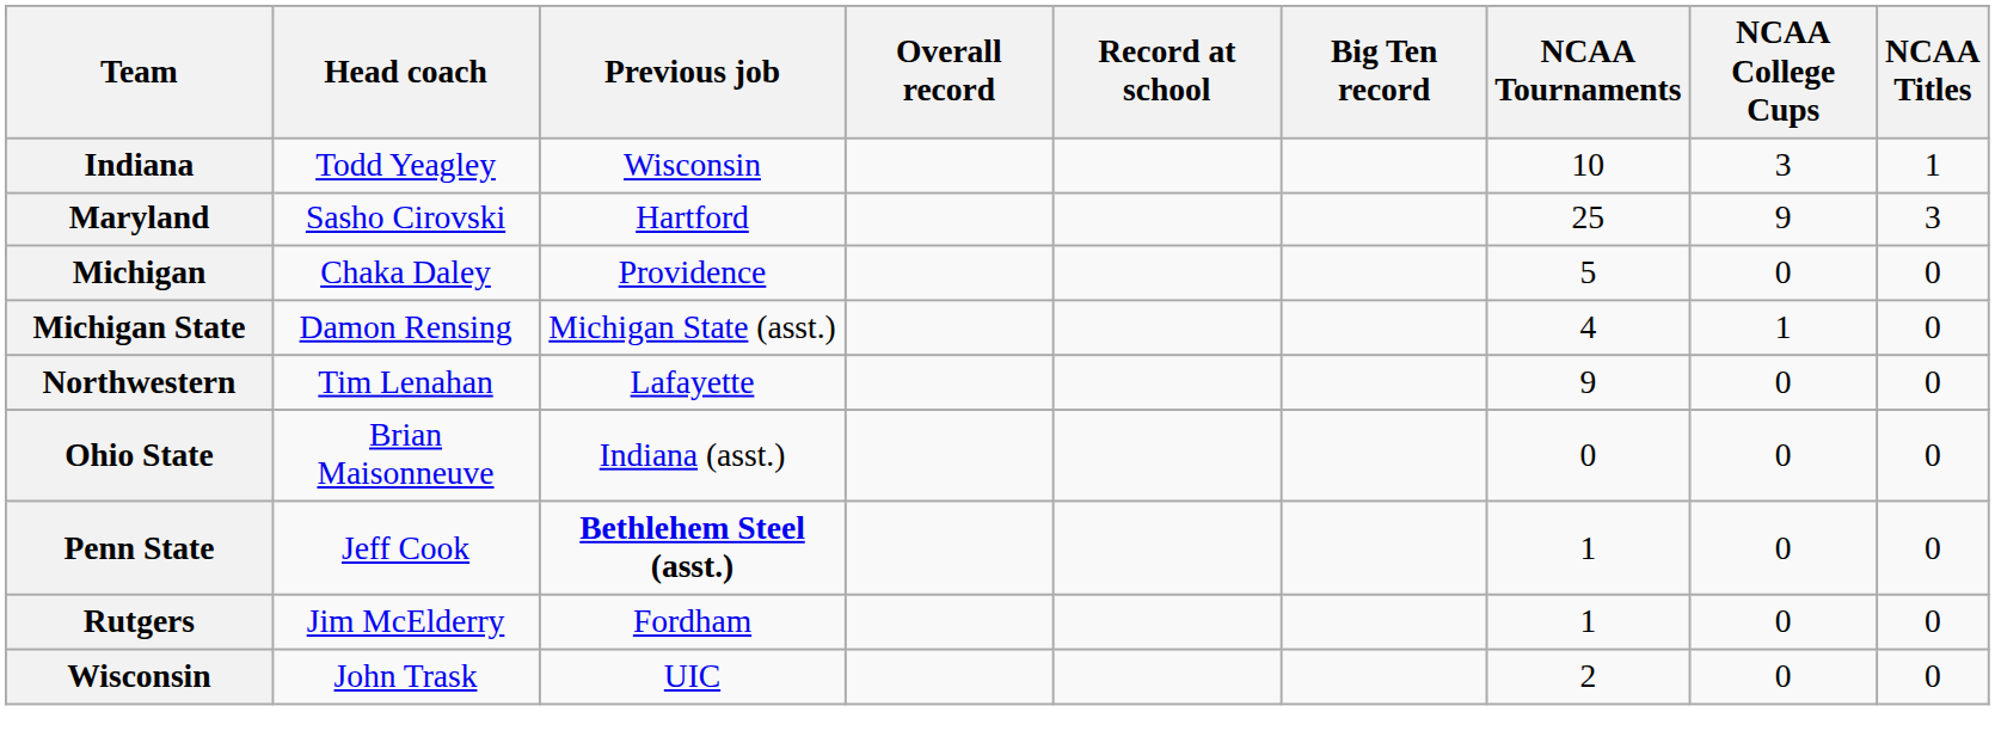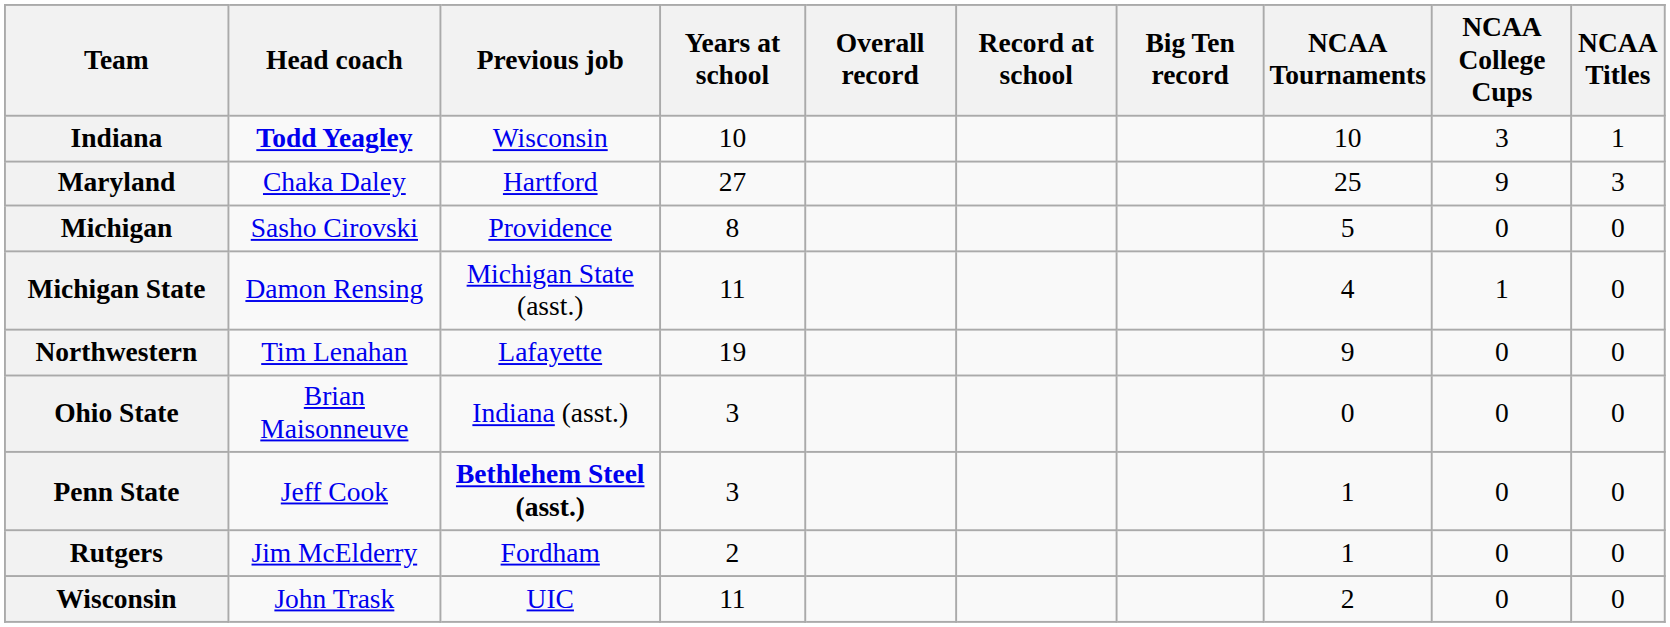 <table class="wikitable sortable" style="text-align: center;font-size:90%;">
 <tr>
 <th width="110">Team</th>
 <th>Head coach</th>
 <th>Previous job</th>
+<th>Years at school</th>
 <th>Overall record</th>
 <th>Record at school</th>
 <th>Big Ten record</th>
 <th>NCAA<br>Tournaments</th>
 <th>NCAA<br>College Cups</th>
 <th>NCAA<br>Titles</th>
 </tr>
 <tr>
 <th>Indiana</th>
-<td><a href='#'>Todd Yeagley</a></td>
+<td><strong><a href='#'>Todd Yeagley</a></strong></td>
 <td><a href='#'>Wisconsin</a></td>
+<td>10</td>
 <td></td>
 <td></td>
 <td></td>
 <td>10</td>
 <td>3</td>
 <td>1</td>
 </tr>
 <tr>
 <th>Maryland</th>
-<td><a href='#'>Sasho Cirovski</a></td>
+<td><a href='#'>Chaka Daley</a></td>
 <td><a href='#'>Hartford</a></td>
+<td>27</td>
 <td></td>
 <td></td>
 <td></td>
 <td>25</td>
 <td>9</td>
 <td>3</td>
 </tr>
 <tr>
 <th>Michigan</th>
-<td><a href='#'>Chaka Daley</a></td>
+<td><a href='#'>Sasho Cirovski</a></td>
 <td><a href='#'>Providence</a></td>
+<td>8</td>
 <td></td>
 <td></td>
 <td></td>
 <td>5</td>
 <td>0</td>
 <td>0</td>
 </tr>
 <tr>
 <th>Michigan State</th>
 <td><a href='#'>Damon Rensing</a></td>
 <td><a href='#'>Michigan State</a> (asst.)</td>
+<td>11</td>
 <td></td>
 <td></td>
 <td></td>
 <td>4</td>
 <td>1</td>
 <td>0</td>
 </tr>
 <tr>
 <th>Northwestern</th>
 <td><a href='#'>Tim Lenahan</a></td>
 <td><a href='#'>Lafayette</a></td>
+<td>19</td>
 <td></td>
 <td></td>
 <td></td>
 <td>9</td>
 <td>0</td>
 <td>0</td>
 </tr>
 <tr>
 <th>Ohio State</th>
 <td><a href='#'>Brian Maisonneuve</a></td>
 <td><a href='#'>Indiana</a> (asst.)</td>
+<td>3</td>
 <td></td>
 <td></td>
 <td></td>
 <td>0</td>
 <td>0</td>
 <td>0</td>
 </tr>
 <tr>
 <th>Penn State</th>
 <td><a href='#'>Jeff Cook</a></td>
 <td><strong><a href='#'>Bethlehem Steel</a> (asst.)</strong></td>
+<td>3</td>
 <td></td>
 <td></td>
 <td></td>
 <td>1</td>
 <td>0</td>
 <td>0</td>
 </tr>
 <tr>
 <th>Rutgers</th>
 <td><a href='#'>Jim McElderry</a></td>
 <td><a href='#'>Fordham</a></td>
+<td>2</td>
 <td></td>
 <td></td>
 <td></td>
 <td>1</td>
 <td>0</td>
 <td>0</td>
 </tr>
 <tr>
 <th>Wisconsin</th>
 <td><a href='#'>John Trask</a></td>
 <td><a href='#'>UIC</a></td>
+<td>11</td>
 <td></td>
 <td></td>
 <td></td>
 <td>2</td>
 <td>0</td>
 <td>0</td>
 </tr>
 </table>
